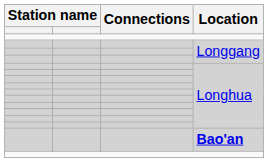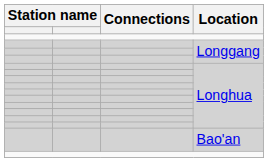 <table class="wikitable">
 <tr>
 <th colspan="2">Station name</th>
 <th rowspan="2">Connections</th>
 <th rowspan="2">Location</th>
 </tr>
 <tr>
 <th></th>
 <th></th>
 </tr>
 <tr style="background:#">
 <td colspan = "7"></td>
 </tr>
 <tr bgcolor="lightgrey">
 <td></td>
 <td></td>
 <td></td>
 <td rowspan=3><a href='#'>Longgang</a></td>
 </tr>
 <tr bgcolor="lightgrey">
 <td></td>
 <td></td>
 <td></td>
 </tr>
 <tr bgcolor="lightgrey">
 <td></td>
 <td></td>
 <td></td>
 </tr>
 <tr bgcolor="lightgrey">
 <td></td>
 <td></td>
 <td></td>
 <td rowspan=10><a href='#'>Longhua</a></td>
 </tr>
 <tr bgcolor="lightgrey">
 <td></td>
 <td></td>
 <td></td>
 </tr>
 <tr bgcolor="lightgrey">
 <td></td>
 <td></td>
 <td></td>
 </tr>
 <tr bgcolor="lightgrey">
 <td></td>
 <td></td>
 <td></td>
 </tr>
 <tr bgcolor="lightgrey">
 <td></td>
 <td></td>
 <td></td>
 </tr>
 <tr bgcolor="lightgrey">
 <td></td>
 <td></td>
 <td></td>
 </tr>
 <tr bgcolor="lightgrey">
 <td></td>
 <td></td>
 <td></td>
 </tr>
 <tr bgcolor="lightgrey">
 <td></td>
 <td></td>
 <td></td>
 </tr>
 <tr bgcolor="lightgrey">
 <td></td>
 <td></td>
 <td></td>
 </tr>
 <tr bgcolor="lightgrey">
 <td></td>
 <td></td>
 <td></td>
 </tr>
 <tr bgcolor="lightgrey">
 <td></td>
 <td></td>
 <td></td>
-<td><strong><a href='#'>Bao'an</a></strong></td>
+<td><a href='#'>Bao'an</a></td>
 </tr>
 <tr style="background:#">
 <td colspan = "7"></td>
 </tr>
 </table>
